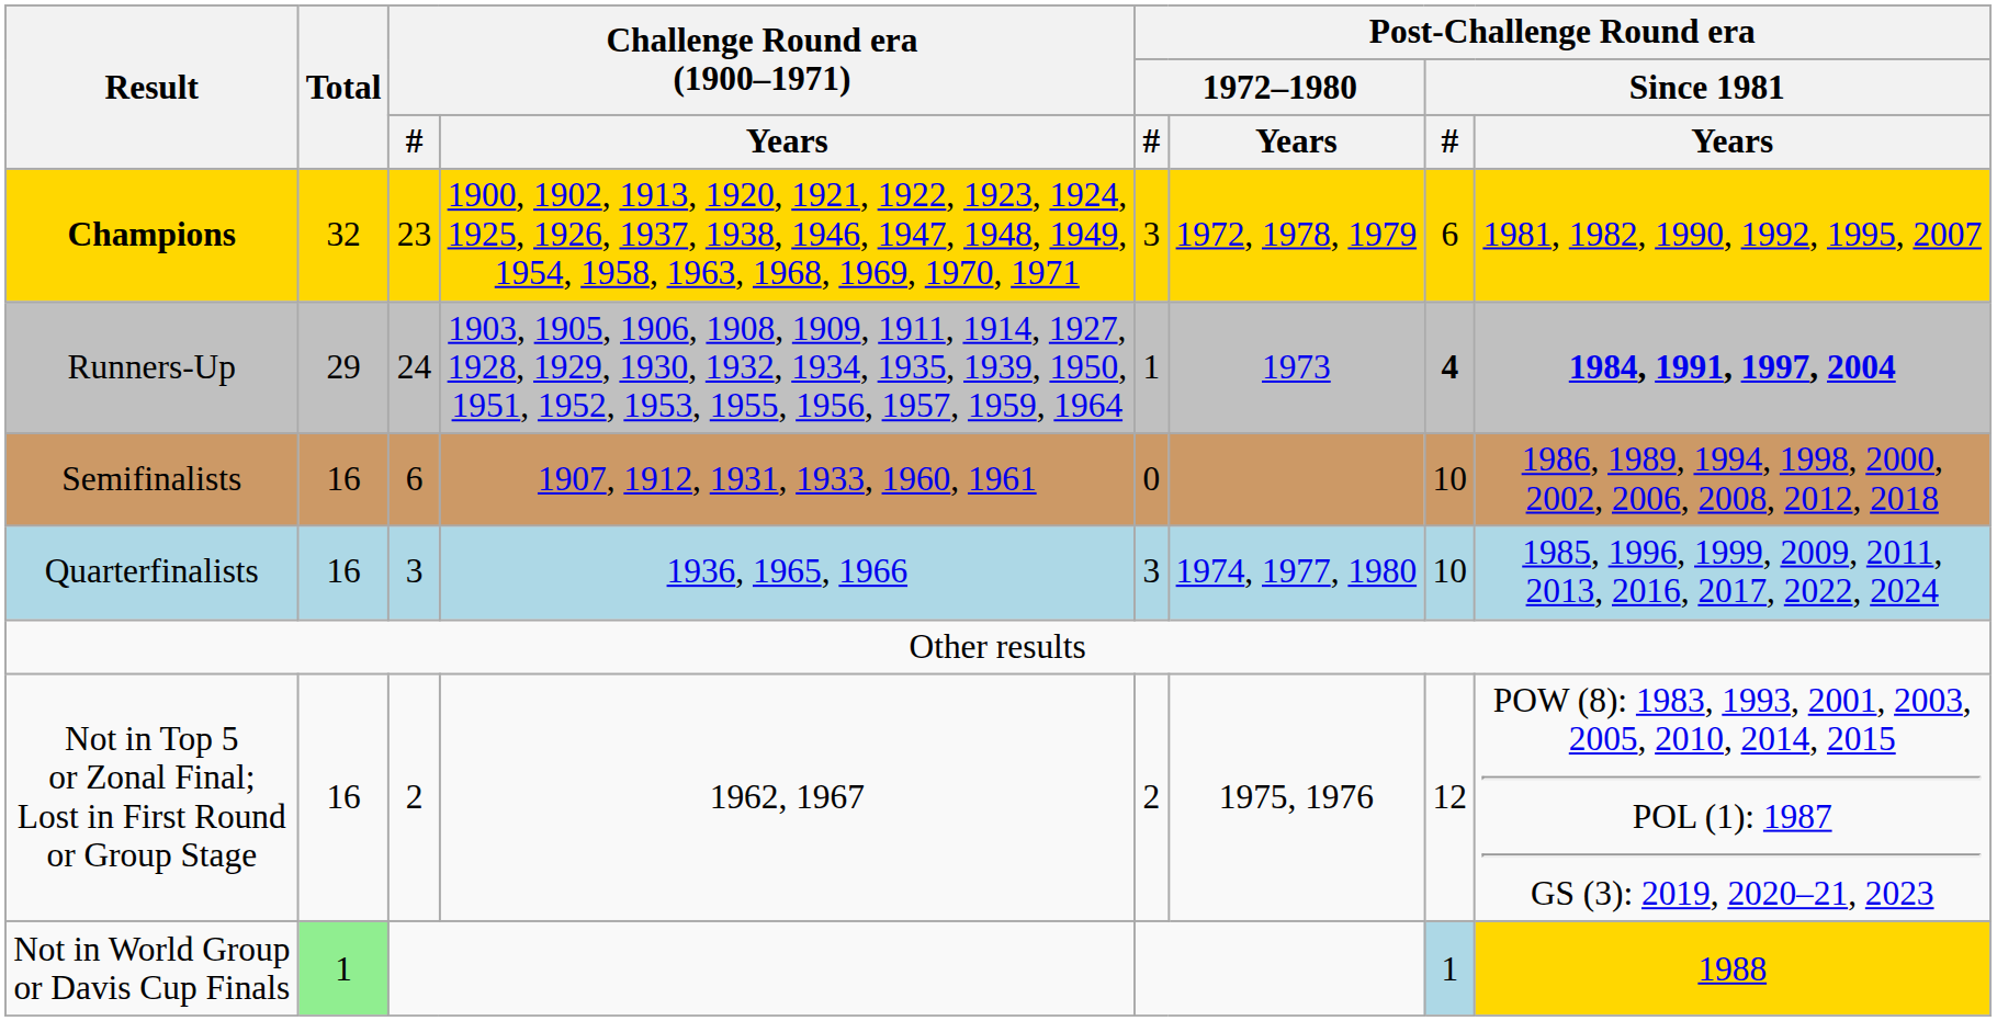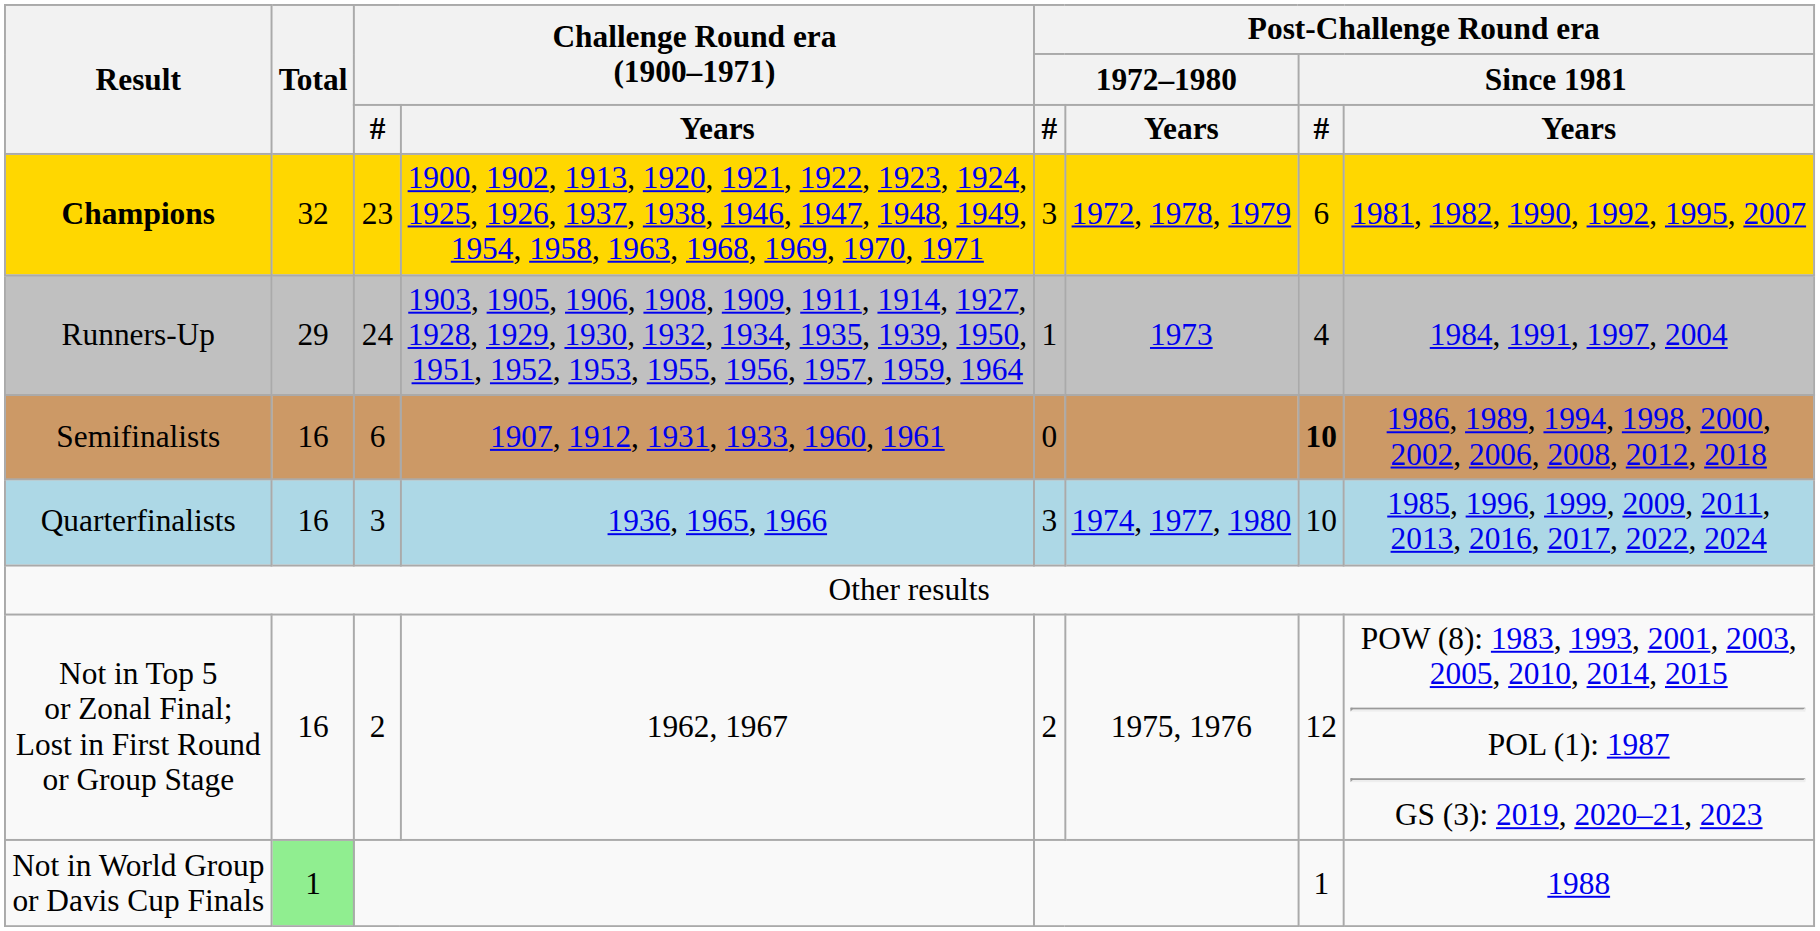 <table class="wikitable" style="text-align:center">
 <tr>
 <th rowspan=3>Result</th>
 <th rowspan=3>Total</th>
 <th rowspan=2 colspan=2>Challenge Round era<br> (1900–1971)</th>
 <th colspan=4>Post-Challenge Round era</th>
 </tr>
 <tr>
 <th colspan=2>1972–1980</th>
 <th colspan=2>Since 1981</th>
 </tr>
 <tr>
 <th>#</th>
 <th>Years</th>
 <th>#</th>
 <th>Years</th>
 <th>#</th>
 <th>Years</th>
 </tr>
 <tr>
 <td bgcolor=gold><strong>Champions</strong></td>
 <td bgcolor=gold>32</td>
 <td bgcolor=gold>23</td>
 <td bgcolor=gold><a href='#'>1900</a>, <a href='#'>1902</a>, <a href='#'>1913</a>, <a href='#'>1920</a>, <a href='#'>1921</a>, <a href='#'>1922</a>, <a href='#'>1923</a>, <a href='#'>1924</a>, <br><a href='#'>1925</a>, <a href='#'>1926</a>, <a href='#'>1937</a>, <a href='#'>1938</a>, <a href='#'>1946</a>, <a href='#'>1947</a>, <a href='#'>1948</a>, <a href='#'>1949</a>, <br><a href='#'>1954</a>, <a href='#'>1958</a>, <a href='#'>1963</a>, <a href='#'>1968</a>, <a href='#'>1969</a>, <a href='#'>1970</a>, <a href='#'>1971</a></td>
 <td bgcolor=gold>3</td>
 <td bgcolor=gold><a href='#'>1972</a>, <a href='#'>1978</a>, <a href='#'>1979</a></td>
 <td bgcolor=gold>6</td>
 <td bgcolor=gold><a href='#'>1981</a>, <a href='#'>1982</a>, <a href='#'>1990</a>, <a href='#'>1992</a>, <a href='#'>1995</a>, <a href='#'>2007</a></td>
 </tr>
 <tr>
 <td bgcolor=silver>Runners-Up</td>
 <td bgcolor=silver>29</td>
 <td bgcolor=silver>24</td>
 <td bgcolor=silver><a href='#'>1903</a>, <a href='#'>1905</a>, <a href='#'>1906</a>, <a href='#'>1908</a>, <a href='#'>1909</a>, <a href='#'>1911</a>, <a href='#'>1914</a>, <a href='#'>1927</a>, <br><a href='#'>1928</a>, <a href='#'>1929</a>, <a href='#'>1930</a>, <a href='#'>1932</a>, <a href='#'>1934</a>, <a href='#'>1935</a>, <a href='#'>1939</a>, <a href='#'>1950</a>, <br><a href='#'>1951</a>, <a href='#'>1952</a>, <a href='#'>1953</a>, <a href='#'>1955</a>, <a href='#'>1956</a>, <a href='#'>1957</a>, <a href='#'>1959</a>, <a href='#'>1964</a></td>
 <td bgcolor=silver>1</td>
 <td bgcolor=silver><a href='#'>1973</a></td>
-<td bgcolor=silver><strong>4</strong></td>
-<td bgcolor=silver><strong><a href='#'>1984</a>, <a href='#'>1991</a>, <a href='#'>1997</a>, <a href='#'>2004</a></strong></td>
+<td bgcolor=silver>4</td>
+<td bgcolor=silver><a href='#'>1984</a>, <a href='#'>1991</a>, <a href='#'>1997</a>, <a href='#'>2004</a></td>
 </tr>
 <tr>
 <td bgcolor=#CC9966>Semifinalists</td>
 <td bgcolor=#CC9966>16</td>
 <td bgcolor=#CC9966>6</td>
 <td bgcolor=#CC9966><a href='#'>1907</a>, <a href='#'>1912</a>, <a href='#'>1931</a>, <a href='#'>1933</a>, <a href='#'>1960</a>, <a href='#'>1961</a></td>
 <td bgcolor=#CC9966>0</td>
 <td bgcolor=#CC9966></td>
-<td bgcolor=#CC9966>10</td>
+<td bgcolor=#CC9966><strong>10</strong></td>
 <td bgcolor=#CC9966><a href='#'>1986</a>, <a href='#'>1989</a>, <a href='#'>1994</a>, <a href='#'>1998</a>, <a href='#'>2000</a>, <br><a href='#'>2002</a>, <a href='#'>2006</a>, <a href='#'>2008</a>, <a href='#'>2012</a>, <a href='#'>2018</a></td>
 </tr>
 <tr>
 <td bgcolor=lightblue>Quarterfinalists</td>
 <td bgcolor=lightblue>16</td>
 <td bgcolor=lightblue>3</td>
 <td bgcolor=lightblue><a href='#'>1936</a>, <a href='#'>1965</a>, <a href='#'>1966</a></td>
 <td bgcolor=lightblue>3</td>
 <td bgcolor=lightblue><a href='#'>1974</a>, <a href='#'>1977</a>, <a href='#'>1980</a></td>
 <td bgcolor=lightblue>10</td>
 <td bgcolor=lightblue><a href='#'>1985</a>, <a href='#'>1996</a>, <a href='#'>1999</a>, <a href='#'>2009</a>, <a href='#'>2011</a>, <br><a href='#'>2013</a>, <a href='#'>2016</a>, <a href='#'>2017</a>, <a href='#'>2022</a>, <a href='#'>2024</a></td>
 </tr>
 <tr>
 <td colspan=8>Other results</td>
 </tr>
 <tr>
 <td>Not in Top 5 <br>or Zonal Final; <br>Lost in First Round <br>or Group Stage</td>
 <td>16</td>
 <td>2</td>
 <td>1962, 1967</td>
 <td>2</td>
 <td>1975, 1976</td>
 <td>12</td>
 <td>POW (8): <a href='#'>1983</a>, <a href='#'>1993</a>,  <a href='#'>2001</a>, <a href='#'>2003</a>, <br><a href='#'>2005</a>, <a href='#'>2010</a>, <a href='#'>2014</a>, <a href='#'>2015</a><hr> POL (1): <a href='#'>1987</a><hr>GS (3): <a href='#'>2019</a>, <a href='#'>2020–21</a>, <a href='#'>2023</a></td>
 </tr>
 <tr>
 <td>Not in World Group<br> or Davis Cup Finals</td>
 <td style="background: lightgreen;">1</td>
 <td colspan=2></td>
 <td colspan=2></td>
-<td style="background: lightblue;">1</td>
-<td style="background: gold;"><a href='#'>1988</a></td>
+<td>1</td>
+<td><a href='#'>1988</a></td>
 </tr>
 </table>
